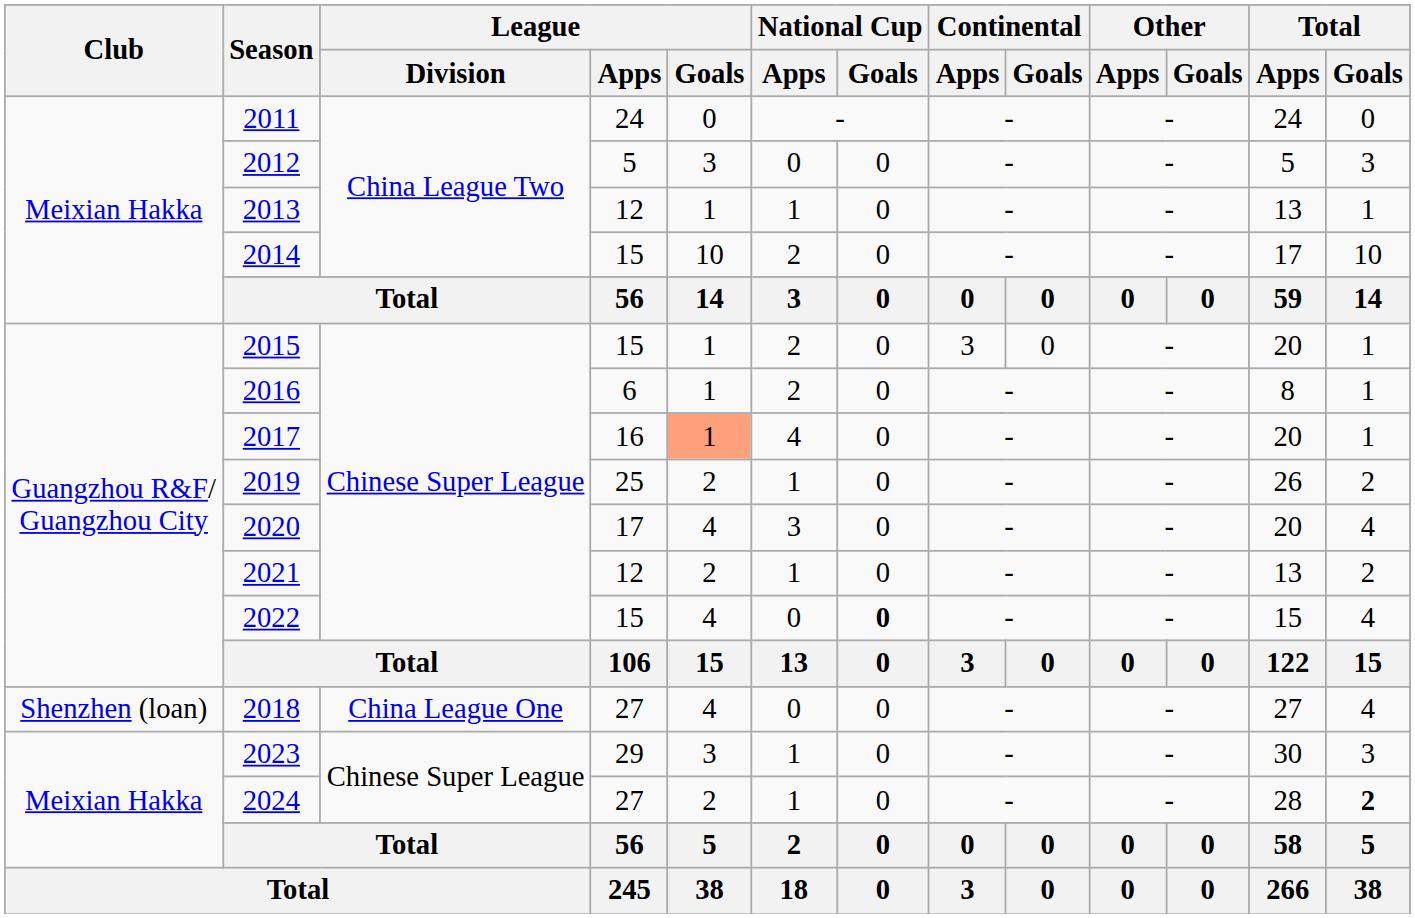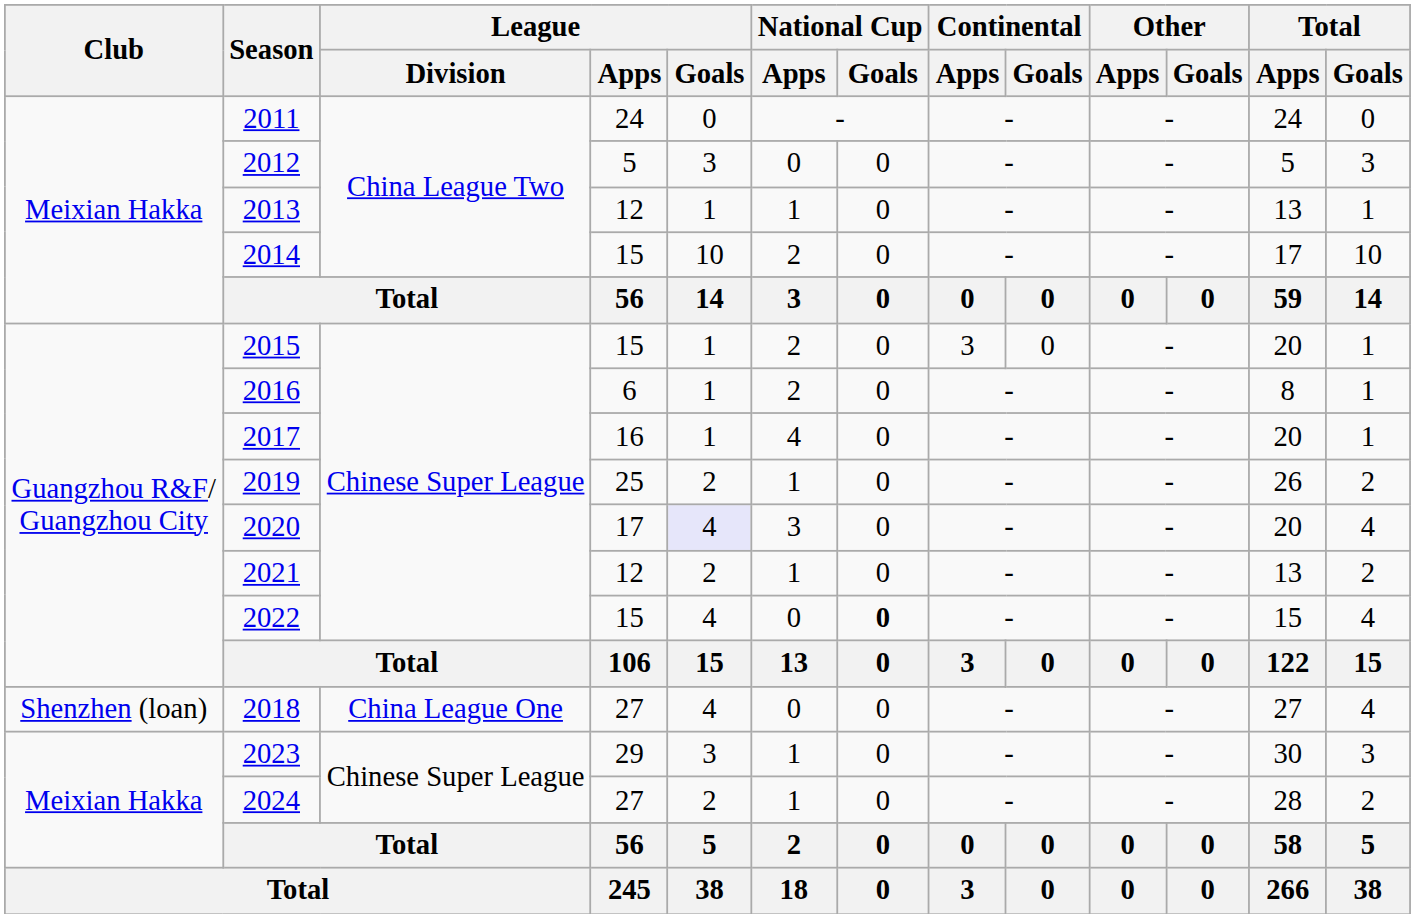 <table class="wikitable" style="text-align: center">
 <tr>
 <th rowspan="2">Club</th>
 <th rowspan="2">Season</th>
 <th colspan="3">League</th>
 <th colspan="2">National Cup</th>
 <th colspan="2">Continental</th>
 <th colspan="2">Other</th>
 <th colspan="2">Total</th>
 </tr>
 <tr>
 <th>Division</th>
 <th>Apps</th>
 <th>Goals</th>
 <th>Apps</th>
 <th>Goals</th>
 <th>Apps</th>
 <th>Goals</th>
 <th>Apps</th>
 <th>Goals</th>
 <th>Apps</th>
 <th>Goals</th>
 </tr>
 <tr>
 <td rowspan="5"><a href='#'>Meixian Hakka</a></td>
 <td><a href='#'>2011</a></td>
 <td rowspan="4"><a href='#'>China League Two</a></td>
 <td>24</td>
 <td>0</td>
 <td colspan="2">-</td>
 <td colspan="2">-</td>
 <td colspan="2">-</td>
 <td>24</td>
 <td>0</td>
 </tr>
 <tr>
 <td><a href='#'>2012</a></td>
 <td>5</td>
 <td>3</td>
 <td>0</td>
 <td>0</td>
 <td colspan="2">-</td>
 <td colspan="2">-</td>
 <td>5</td>
 <td>3</td>
 </tr>
 <tr>
 <td><a href='#'>2013</a></td>
 <td>12</td>
 <td>1</td>
 <td>1</td>
 <td>0</td>
 <td colspan="2">-</td>
 <td colspan="2">-</td>
 <td>13</td>
 <td>1</td>
 </tr>
 <tr>
 <td><a href='#'>2014</a></td>
 <td>15</td>
 <td>10</td>
 <td>2</td>
 <td>0</td>
 <td colspan="2">-</td>
 <td colspan="2">-</td>
 <td>17</td>
 <td>10</td>
 </tr>
 <tr>
 <th colspan="2"><strong>Total</strong></th>
 <th>56</th>
 <th>14</th>
 <th>3</th>
 <th>0</th>
 <th>0</th>
 <th>0</th>
 <th>0</th>
 <th>0</th>
 <th>59</th>
 <th>14</th>
 </tr>
 <tr>
 <td rowspan=8><a href='#'>Guangzhou R&F</a>/ <br><a href='#'>Guangzhou City</a></td>
 <td><a href='#'>2015</a></td>
 <td rowspan=7><a href='#'>Chinese Super League</a></td>
 <td>15</td>
 <td>1</td>
 <td>2</td>
 <td>0</td>
 <td>3</td>
 <td>0</td>
 <td colspan="2">-</td>
 <td>20</td>
 <td>1</td>
 </tr>
 <tr>
 <td><a href='#'>2016</a></td>
 <td>6</td>
 <td>1</td>
 <td>2</td>
 <td>0</td>
 <td colspan="2">-</td>
 <td colspan="2">-</td>
 <td>8</td>
 <td>1</td>
 </tr>
 <tr>
 <td><a href='#'>2017</a></td>
 <td>16</td>
-<td style="background: lightsalmon;">1</td>
+<td>1</td>
 <td>4</td>
 <td>0</td>
 <td colspan="2">-</td>
 <td colspan="2">-</td>
 <td>20</td>
 <td>1</td>
 </tr>
 <tr>
 <td><a href='#'>2019</a></td>
 <td>25</td>
 <td>2</td>
 <td>1</td>
 <td>0</td>
 <td colspan="2">-</td>
 <td colspan="2">-</td>
 <td>26</td>
 <td>2</td>
 </tr>
 <tr>
 <td><a href='#'>2020</a></td>
 <td>17</td>
-<td>4</td>
+<td style="background: lavender;">4</td>
 <td>3</td>
 <td>0</td>
 <td colspan="2">-</td>
 <td colspan="2">-</td>
 <td>20</td>
 <td>4</td>
 </tr>
 <tr>
 <td><a href='#'>2021</a></td>
 <td>12</td>
 <td>2</td>
 <td>1</td>
 <td>0</td>
 <td colspan="2">-</td>
 <td colspan="2">-</td>
 <td>13</td>
 <td>2</td>
 </tr>
 <tr>
 <td><a href='#'>2022</a></td>
 <td>15</td>
 <td>4</td>
 <td>0</td>
 <td><strong>0</strong></td>
 <td colspan="2">-</td>
 <td colspan="2">-</td>
 <td>15</td>
 <td>4</td>
 </tr>
 <tr>
 <th colspan="2"><strong>Total</strong></th>
 <th>106</th>
 <th>15</th>
 <th>13</th>
 <th>0</th>
 <th>3</th>
 <th>0</th>
 <th>0</th>
 <th>0</th>
 <th>122</th>
 <th>15</th>
 </tr>
 <tr>
 <td><a href='#'>Shenzhen</a> (loan)</td>
 <td><a href='#'>2018</a></td>
 <td><a href='#'>China League One</a></td>
 <td>27</td>
 <td>4</td>
 <td>0</td>
 <td>0</td>
 <td colspan="2">-</td>
 <td colspan="2">-</td>
 <td>27</td>
 <td>4</td>
 </tr>
 <tr>
 <td rowspan="3"><a href='#'>Meixian Hakka</a></td>
 <td><a href='#'>2023</a></td>
 <td rowspan="2">Chinese Super League</td>
 <td>29</td>
 <td>3</td>
 <td>1</td>
 <td>0</td>
 <td colspan="2">-</td>
 <td colspan="2">-</td>
 <td>30</td>
 <td>3</td>
 </tr>
 <tr>
 <td><a href='#'>2024</a></td>
 <td>27</td>
 <td>2</td>
 <td>1</td>
 <td>0</td>
 <td colspan="2">-</td>
 <td colspan="2">-</td>
 <td>28</td>
-<td><strong>2</strong></td>
+<td>2</td>
 </tr>
 <tr>
 <th colspan="2"><strong>Total</strong></th>
 <th>56</th>
 <th>5</th>
 <th>2</th>
 <th>0</th>
 <th>0</th>
 <th>0</th>
 <th>0</th>
 <th>0</th>
 <th>58</th>
 <th>5</th>
 </tr>
 <tr>
 <th colspan=3>Total</th>
 <th>245</th>
 <th>38</th>
 <th>18</th>
 <th>0</th>
 <th>3</th>
 <th>0</th>
 <th>0</th>
 <th>0</th>
 <th>266</th>
 <th>38</th>
 </tr>
 </table>
